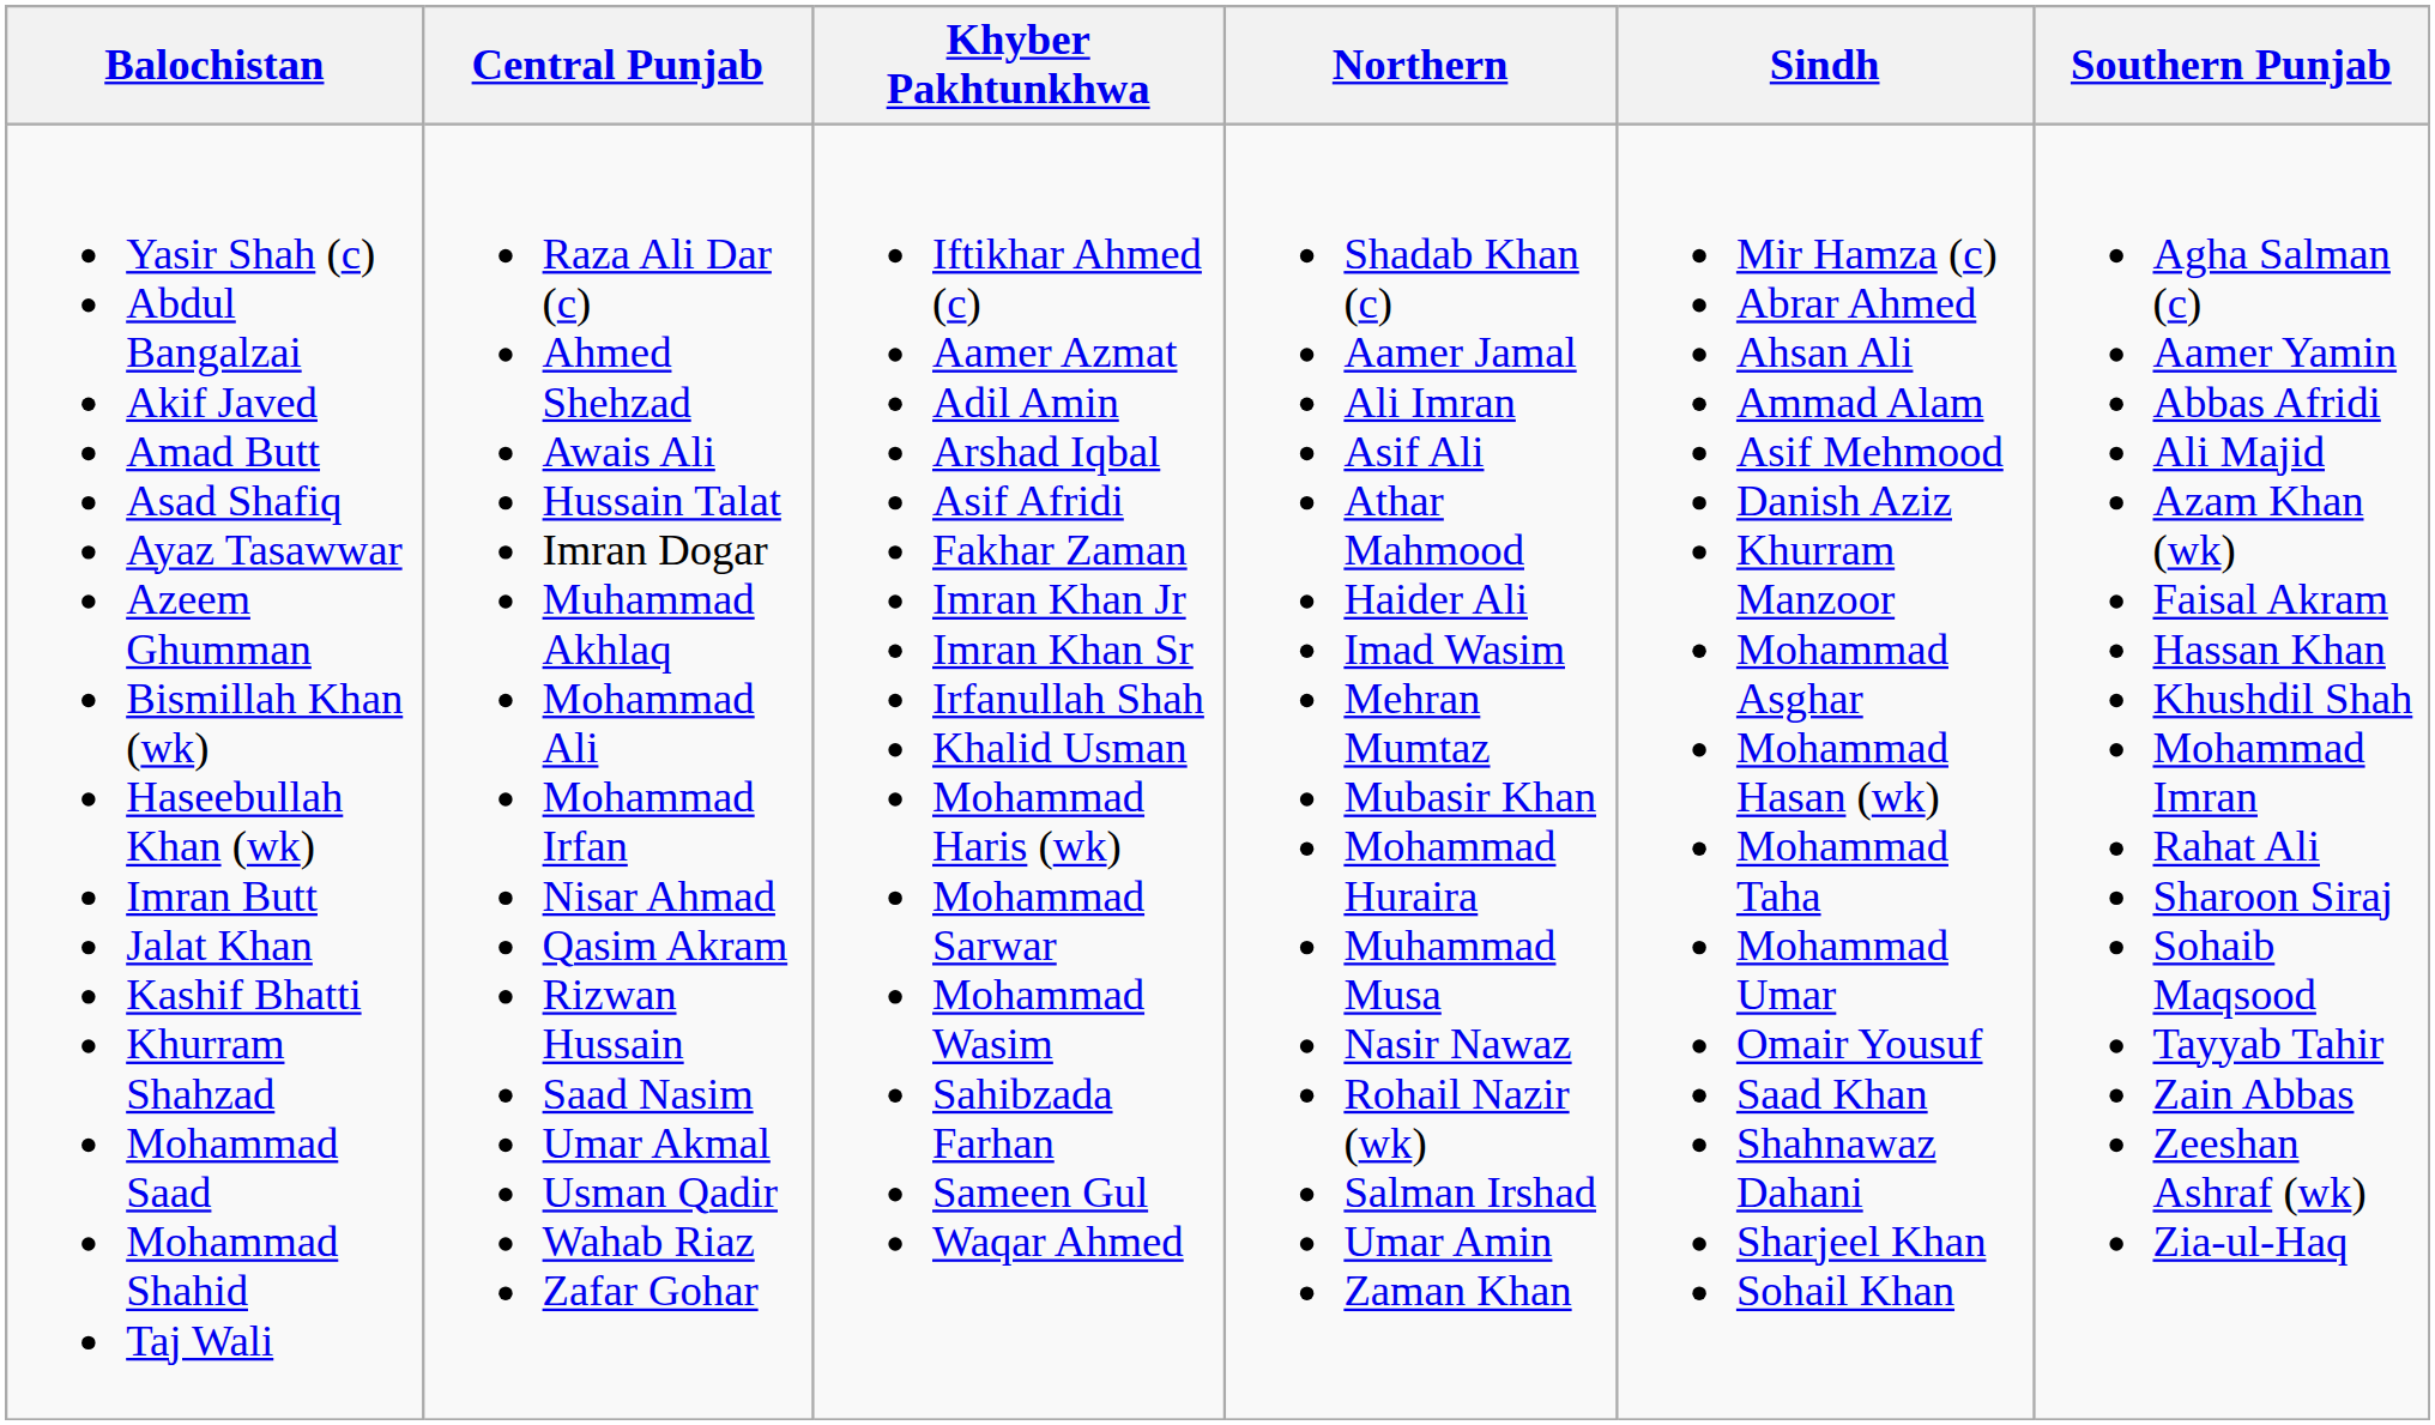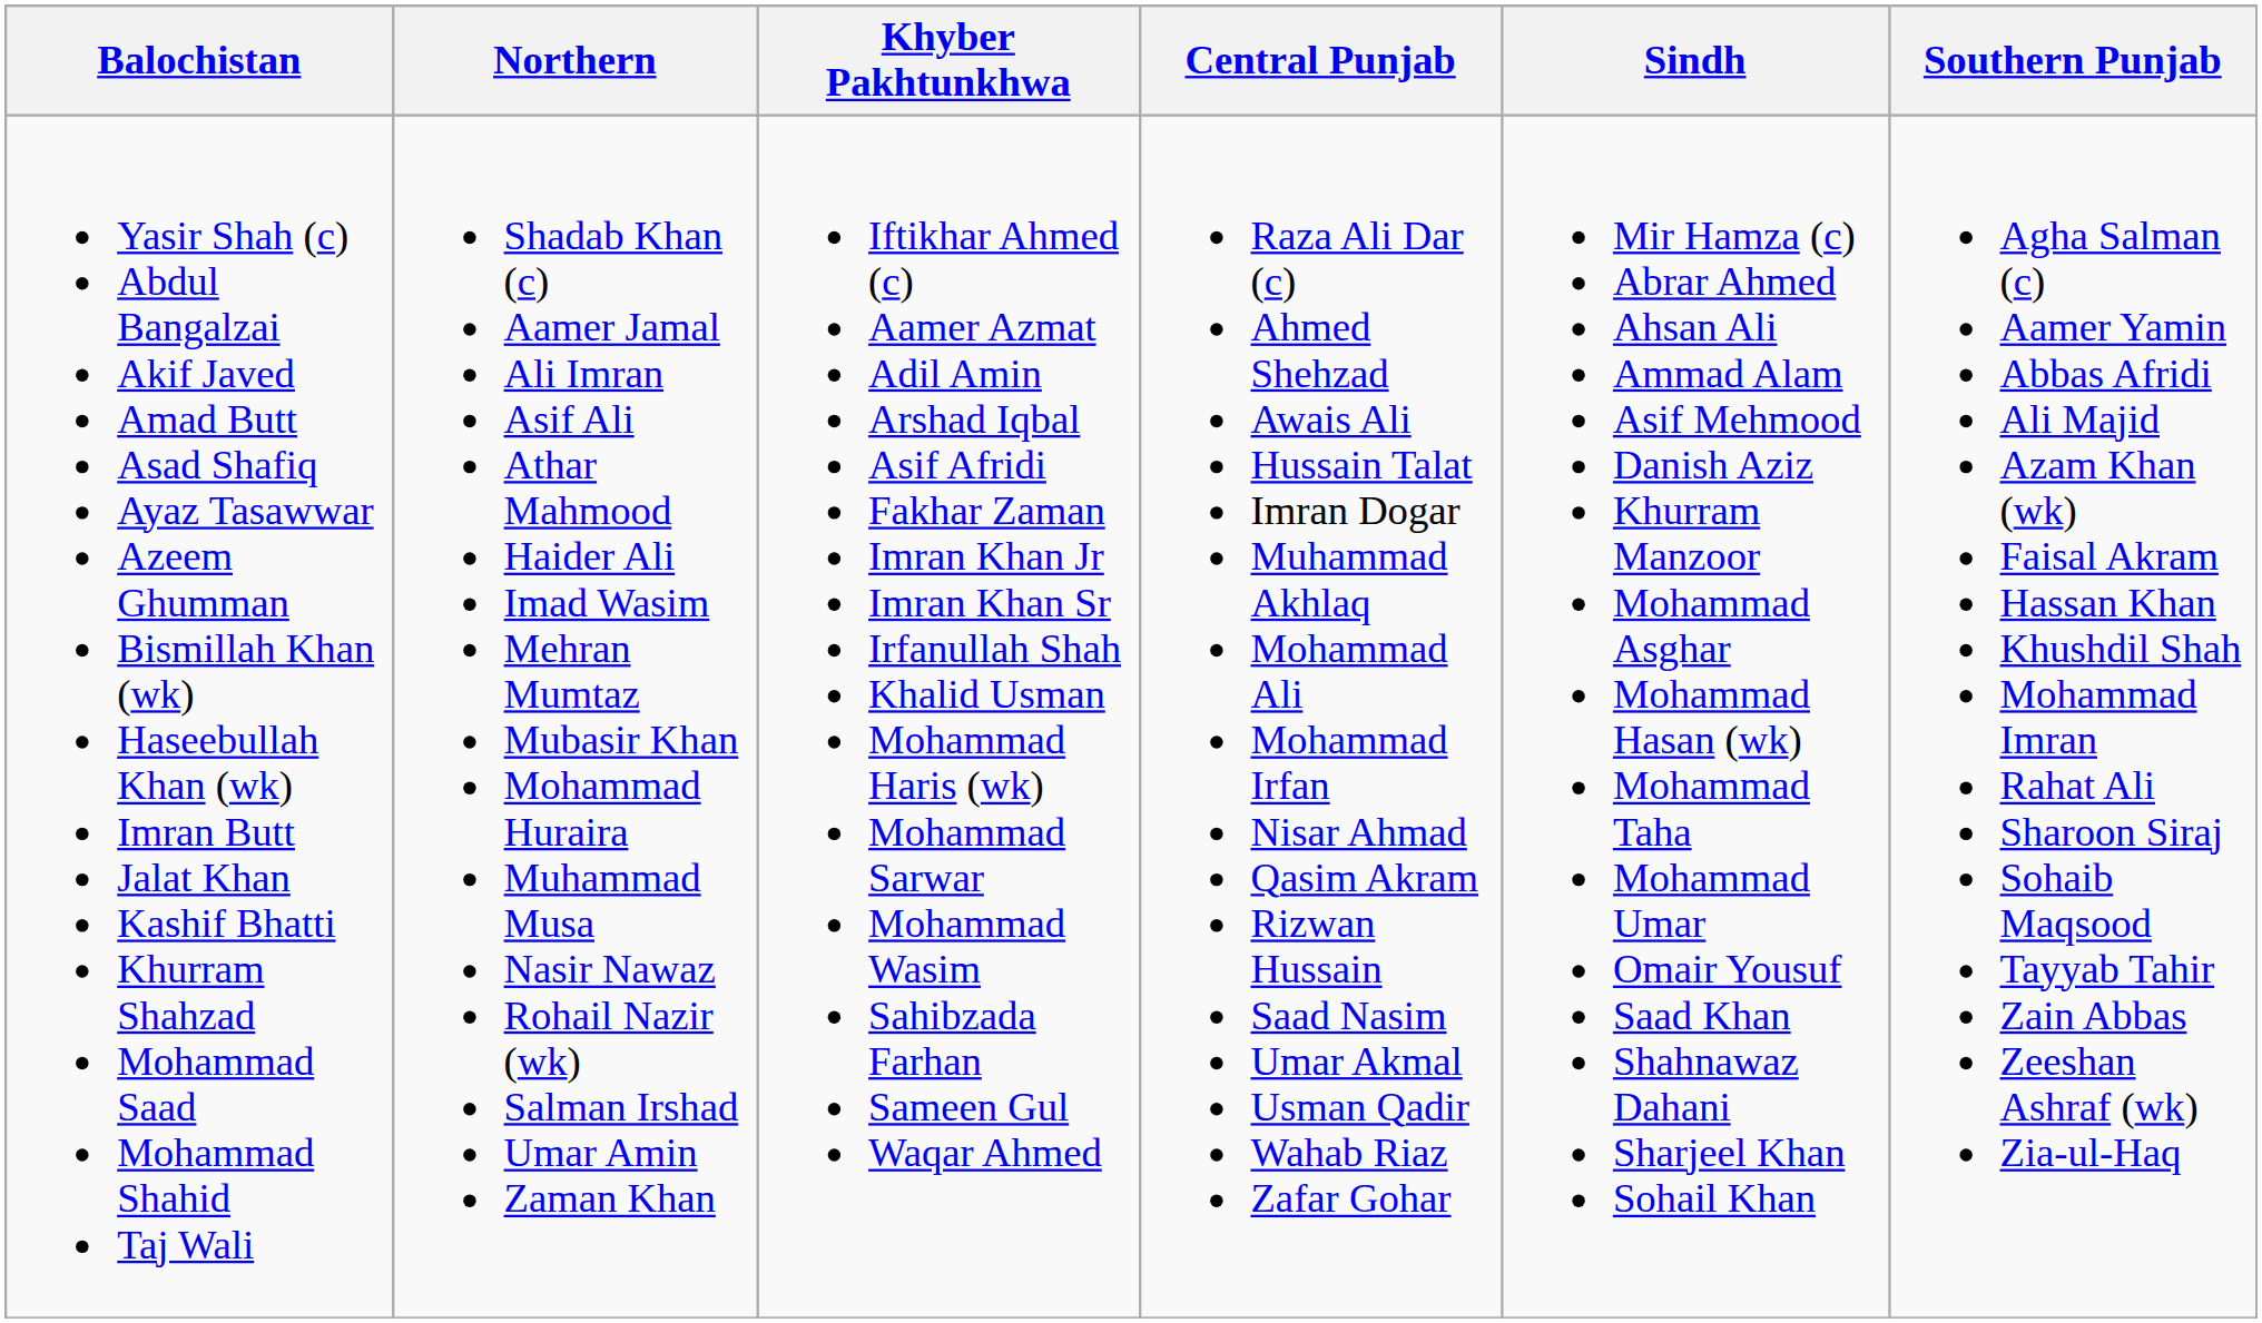 <table class="wikitable" style="text-align:left; margin:auto">
 <tr>
 <th><a href='#'>Balochistan</a></th>
+<th><a href='#'>Northern</a></th>
+<th><a href='#'>Khyber Pakhtunkhwa</a></th>
 <th><a href='#'>Central Punjab</a></th>
-<th><a href='#'>Khyber Pakhtunkhwa</a></th>
-<th><a href='#'>Northern</a></th>
 <th><a href='#'>Sindh</a></th>
 <th><a href='#'>Southern Punjab</a></th>
 </tr>
 <tr style="vertical-align:top">
 <td><br><ul><li><a href='#'>Yasir Shah</a> (<a href='#'>c</a>)</li><li><a href='#'>Abdul Bangalzai</a></li><li><a href='#'>Akif Javed</a></li><li><a href='#'>Amad Butt</a></li><li><a href='#'>Asad Shafiq</a></li><li><a href='#'>Ayaz Tasawwar</a></li><li><a href='#'>Azeem Ghumman</a></li><li><a href='#'>Bismillah Khan</a> (<a href='#'>wk</a>)</li><li><a href='#'>Haseebullah Khan</a> (<a href='#'>wk</a>)</li><li><a href='#'>Imran Butt</a></li><li><a href='#'>Jalat Khan</a></li><li><a href='#'>Kashif Bhatti</a></li><li><a href='#'>Khurram Shahzad</a></li><li><a href='#'>Mohammad Saad</a></li><li><a href='#'>Mohammad Shahid</a></li><li><a href='#'>Taj Wali</a></li></ul></td>
+<td><br><ul><li><a href='#'>Shadab Khan</a> (<a href='#'>c</a>)</li><li><a href='#'>Aamer Jamal</a></li><li><a href='#'>Ali Imran</a></li><li><a href='#'>Asif Ali</a></li><li><a href='#'>Athar Mahmood</a></li><li><a href='#'>Haider Ali</a></li><li><a href='#'>Imad Wasim</a></li><li><a href='#'>Mehran Mumtaz</a></li><li><a href='#'>Mubasir Khan</a></li><li><a href='#'>Mohammad Huraira</a></li><li><a href='#'>Muhammad Musa</a></li><li><a href='#'>Nasir Nawaz</a></li><li><a href='#'>Rohail Nazir</a> (<a href='#'>wk</a>)</li><li><a href='#'>Salman Irshad</a></li><li><a href='#'>Umar Amin</a></li><li><a href='#'>Zaman Khan</a></li></ul></td>
+<td><br><ul><li><a href='#'>Iftikhar Ahmed</a> (<a href='#'>c</a>)</li><li><a href='#'>Aamer Azmat</a></li><li><a href='#'>Adil Amin</a></li><li><a href='#'>Arshad Iqbal</a></li><li><a href='#'>Asif Afridi</a></li><li><a href='#'>Fakhar Zaman</a></li><li><a href='#'>Imran Khan Jr</a></li><li><a href='#'>Imran Khan Sr</a></li><li><a href='#'>Irfanullah Shah</a></li><li><a href='#'>Khalid Usman</a></li><li><a href='#'>Mohammad Haris</a> (<a href='#'>wk</a>)</li><li><a href='#'>Mohammad Sarwar</a></li><li><a href='#'>Mohammad Wasim</a></li><li><a href='#'>Sahibzada Farhan</a></li><li><a href='#'>Sameen Gul</a></li><li><a href='#'>Waqar Ahmed</a></li></ul></td>
 <td><br><ul><li><a href='#'>Raza Ali Dar</a> (<a href='#'>c</a>)</li><li><a href='#'>Ahmed Shehzad</a></li><li><a href='#'>Awais Ali</a></li><li><a href='#'>Hussain Talat</a></li><li>Imran Dogar</li><li><a href='#'>Muhammad Akhlaq</a></li><li><a href='#'>Mohammad Ali</a></li><li><a href='#'>Mohammad Irfan</a></li><li><a href='#'>Nisar Ahmad</a></li><li><a href='#'>Qasim Akram</a></li><li><a href='#'>Rizwan Hussain</a></li><li><a href='#'>Saad Nasim</a></li><li><a href='#'>Umar Akmal</a></li><li><a href='#'>Usman Qadir</a></li><li><a href='#'>Wahab Riaz</a></li><li><a href='#'>Zafar Gohar</a></li></ul></td>
-<td><br><ul><li><a href='#'>Iftikhar Ahmed</a> (<a href='#'>c</a>)</li><li><a href='#'>Aamer Azmat</a></li><li><a href='#'>Adil Amin</a></li><li><a href='#'>Arshad Iqbal</a></li><li><a href='#'>Asif Afridi</a></li><li><a href='#'>Fakhar Zaman</a></li><li><a href='#'>Imran Khan Jr</a></li><li><a href='#'>Imran Khan Sr</a></li><li><a href='#'>Irfanullah Shah</a></li><li><a href='#'>Khalid Usman</a></li><li><a href='#'>Mohammad Haris</a> (<a href='#'>wk</a>)</li><li><a href='#'>Mohammad Sarwar</a></li><li><a href='#'>Mohammad Wasim</a></li><li><a href='#'>Sahibzada Farhan</a></li><li><a href='#'>Sameen Gul</a></li><li><a href='#'>Waqar Ahmed</a></li></ul></td>
-<td><br><ul><li><a href='#'>Shadab Khan</a> (<a href='#'>c</a>)</li><li><a href='#'>Aamer Jamal</a></li><li><a href='#'>Ali Imran</a></li><li><a href='#'>Asif Ali</a></li><li><a href='#'>Athar Mahmood</a></li><li><a href='#'>Haider Ali</a></li><li><a href='#'>Imad Wasim</a></li><li><a href='#'>Mehran Mumtaz</a></li><li><a href='#'>Mubasir Khan</a></li><li><a href='#'>Mohammad Huraira</a></li><li><a href='#'>Muhammad Musa</a></li><li><a href='#'>Nasir Nawaz</a></li><li><a href='#'>Rohail Nazir</a> (<a href='#'>wk</a>)</li><li><a href='#'>Salman Irshad</a></li><li><a href='#'>Umar Amin</a></li><li><a href='#'>Zaman Khan</a></li></ul></td>
 <td><br><ul><li><a href='#'>Mir Hamza</a> (<a href='#'>c</a>)</li><li><a href='#'>Abrar Ahmed</a></li><li><a href='#'>Ahsan Ali</a></li><li><a href='#'>Ammad Alam</a></li><li><a href='#'>Asif Mehmood</a></li><li><a href='#'>Danish Aziz</a></li><li><a href='#'>Khurram Manzoor</a></li><li><a href='#'>Mohammad Asghar</a></li><li><a href='#'>Mohammad Hasan</a> (<a href='#'>wk</a>)</li><li><a href='#'>Mohammad Taha</a></li><li><a href='#'>Mohammad Umar</a></li><li><a href='#'>Omair Yousuf</a></li><li><a href='#'>Saad Khan</a></li><li><a href='#'>Shahnawaz Dahani</a></li><li><a href='#'>Sharjeel Khan</a></li><li><a href='#'>Sohail Khan</a></li></ul></td>
 <td><br><ul><li><a href='#'>Agha Salman</a> (<a href='#'>c</a>)</li><li><a href='#'>Aamer Yamin</a></li><li><a href='#'>Abbas Afridi</a></li><li><a href='#'>Ali Majid</a></li><li><a href='#'>Azam Khan</a> (<a href='#'>wk</a>)</li><li><a href='#'>Faisal Akram</a></li><li><a href='#'>Hassan Khan</a></li><li><a href='#'>Khushdil Shah</a></li><li><a href='#'>Mohammad Imran</a></li><li><a href='#'>Rahat Ali</a></li><li><a href='#'>Sharoon Siraj</a></li><li><a href='#'>Sohaib Maqsood</a></li><li><a href='#'>Tayyab Tahir</a></li><li><a href='#'>Zain Abbas</a></li><li><a href='#'>Zeeshan Ashraf</a> (<a href='#'>wk</a>)</li><li><a href='#'>Zia-ul-Haq</a></li></ul></td>
 </tr>
 </table>
